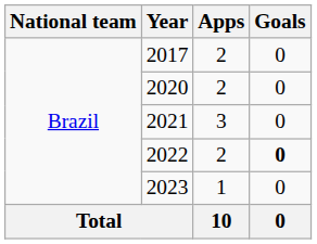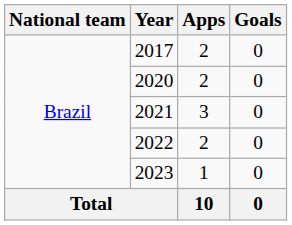 <table class=wikitable style=text-align:center>
 <tr>
 <th>National team</th>
 <th>Year</th>
 <th>Apps</th>
 <th>Goals</th>
 </tr>
 <tr>
 <td rowspan=5><a href='#'>Brazil</a></td>
 <td>2017</td>
 <td>2</td>
 <td>0</td>
 </tr>
 <tr>
 <td>2020</td>
 <td>2</td>
 <td>0</td>
 </tr>
 <tr>
 <td>2021</td>
 <td>3</td>
 <td>0</td>
 </tr>
 <tr>
 <td>2022</td>
 <td>2</td>
-<td><strong>0</strong></td>
+<td>0</td>
 </tr>
 <tr>
 <td>2023</td>
 <td>1</td>
 <td>0</td>
 </tr>
 <tr>
 <th colspan=2>Total</th>
 <th>10</th>
 <th>0</th>
 </tr>
 </table>
